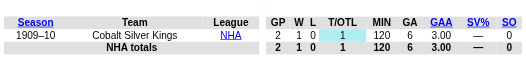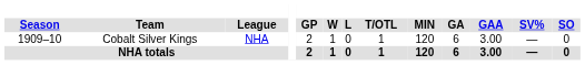 <table BORDER="0" CELLPADDING="1" CELLSPACING="0" width="65%">
 <tr align="center" style="background-color:#f0f0f0;">
 </tr>
 <tr bgcolor="#e0e0e0">
 <th colspan="3" bgcolor="#ffffff"> </th>
 <th rowspan="99" bgcolor="#ffffff"> </th>
 </tr>
 <tr bgcolor="#e0e0e0">
 <th><a href='#'>Season</a></th>
 <th>Team</th>
 <th>League</th>
 <th>GP</th>
 <th>W</th>
 <th>L</th>
 <th>T/OTL</th>
 <th>MIN</th>
 <th>GA</th>
 <th><a href='#'>GAA</a></th>
 <th><a href='#'>SV%</a></th>
 <th><a href='#'>SO</a></th>
 </tr>
 <tr style="text-align:center;">
 </tr>
 <tr align="center">
 <td>1909–10</td>
 <td>Cobalt Silver Kings</td>
 <td><a href='#'>NHA</a></td>
 <td>2</td>
 <td>1</td>
 <td>0</td>
-<td style="background: paleturquoise;">1</td>
+<td>1</td>
 <td>120</td>
 <td>6</td>
 <td>3.00</td>
 <td>—</td>
 <td>0</td>
 </tr>
 <tr style="text-align:center; background-color:#e0e0e0;">
 <th colspan="3" align="center"><strong>NHA totals</strong></th>
 <th>2</th>
 <th>1</th>
 <th>0</th>
 <th>1</th>
 <th>120</th>
 <th>6</th>
 <th>3.00</th>
 <th>—</th>
 <th>0</th>
 </tr>
 </table>
